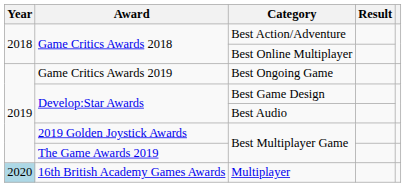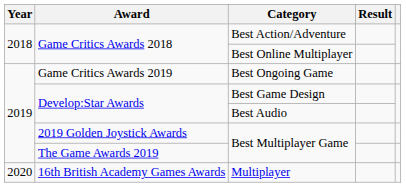 <table class="wikitable sortable">
 <tr>
 <th>Year</th>
 <th>Award</th>
 <th>Category</th>
 <th>Result</th>
 <th></th>
 </tr>
 <tr>
 <td style="text-align:center;" rowspan="2">2018</td>
 <td rowspan="2"><a href='#'>Game Critics Awards</a> 2018</td>
 <td>Best Action/Adventure</td>
 <td></td>
 <td rowspan="2" style="text-align:center;"></td>
 </tr>
 <tr>
 <td>Best Online Multiplayer</td>
 <td></td>
 </tr>
 <tr>
 <td style="text-align:center;" rowspan="5">2019</td>
 <td>Game Critics Awards 2019</td>
 <td>Best Ongoing Game</td>
 <td></td>
 <td style="text-align:center;"></td>
 </tr>
 <tr>
 <td rowspan="2"><a href='#'>Develop:Star Awards</a></td>
 <td>Best Game Design</td>
 <td></td>
 <td rowspan="2" style="text-align:center;"></td>
 </tr>
 <tr>
 <td>Best Audio</td>
 <td></td>
 </tr>
 <tr>
 <td><a href='#'>2019 Golden Joystick Awards</a></td>
 <td rowspan="2">Best Multiplayer Game</td>
 <td></td>
 <td style="text-align:center;"></td>
 </tr>
 <tr>
 <td><a href='#'>The Game Awards 2019</a></td>
 <td></td>
 <td style="text-align:center;"></td>
 </tr>
 <tr>
-<td style="background: lightblue; text-align:center;" rowspan="1">2020</td>
+<td style="text-align:center;" rowspan="1">2020</td>
 <td><a href='#'>16th British Academy Games Awards</a></td>
 <td><a href='#'>Multiplayer</a></td>
 <td></td>
 <td style="text-align:center;"></td>
 </tr>
 </table>
